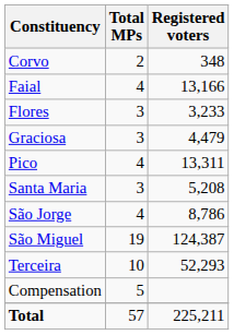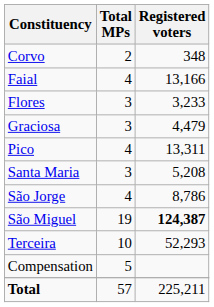 <table class="wikitable sortable" style="text-align:right">
 <tr>
 <th>Constituency</th>
 <th>Total <br>MPs</th>
 <th>Registered<br>voters</th>
 </tr>
 <tr>
 <td align="left"><a href='#'>Corvo</a></td>
 <td>2</td>
 <td>348</td>
 </tr>
 <tr>
 <td align="left"><a href='#'>Faial</a></td>
 <td>4</td>
 <td>13,166</td>
 </tr>
 <tr>
 <td align="left"><a href='#'>Flores</a></td>
 <td>3</td>
 <td>3,233</td>
 </tr>
 <tr>
 <td align="left"><a href='#'>Graciosa</a></td>
 <td>3</td>
 <td>4,479</td>
 </tr>
 <tr>
 <td align="left"><a href='#'>Pico</a></td>
 <td>4</td>
 <td>13,311</td>
 </tr>
 <tr>
 <td align="left"><a href='#'>Santa Maria</a></td>
 <td>3</td>
 <td>5,208</td>
 </tr>
 <tr>
 <td align="left"><a href='#'>São Jorge</a></td>
 <td>4</td>
 <td>8,786</td>
 </tr>
 <tr>
 <td align="left"><a href='#'>São Miguel</a></td>
 <td>19</td>
-<td>124,387</td>
+<td><strong>124,387</strong></td>
 </tr>
 <tr>
 <td align="left"><a href='#'>Terceira</a></td>
 <td>10</td>
 <td>52,293</td>
 </tr>
 <tr>
 <td align="left">Compensation</td>
 <td>5</td>
 <td></td>
 </tr>
 <tr>
 </tr>
 <tr>
 <td align="left"><strong>Total</strong></td>
 <td>57</td>
 <td>225,211</td>
 </tr>
 </table>
